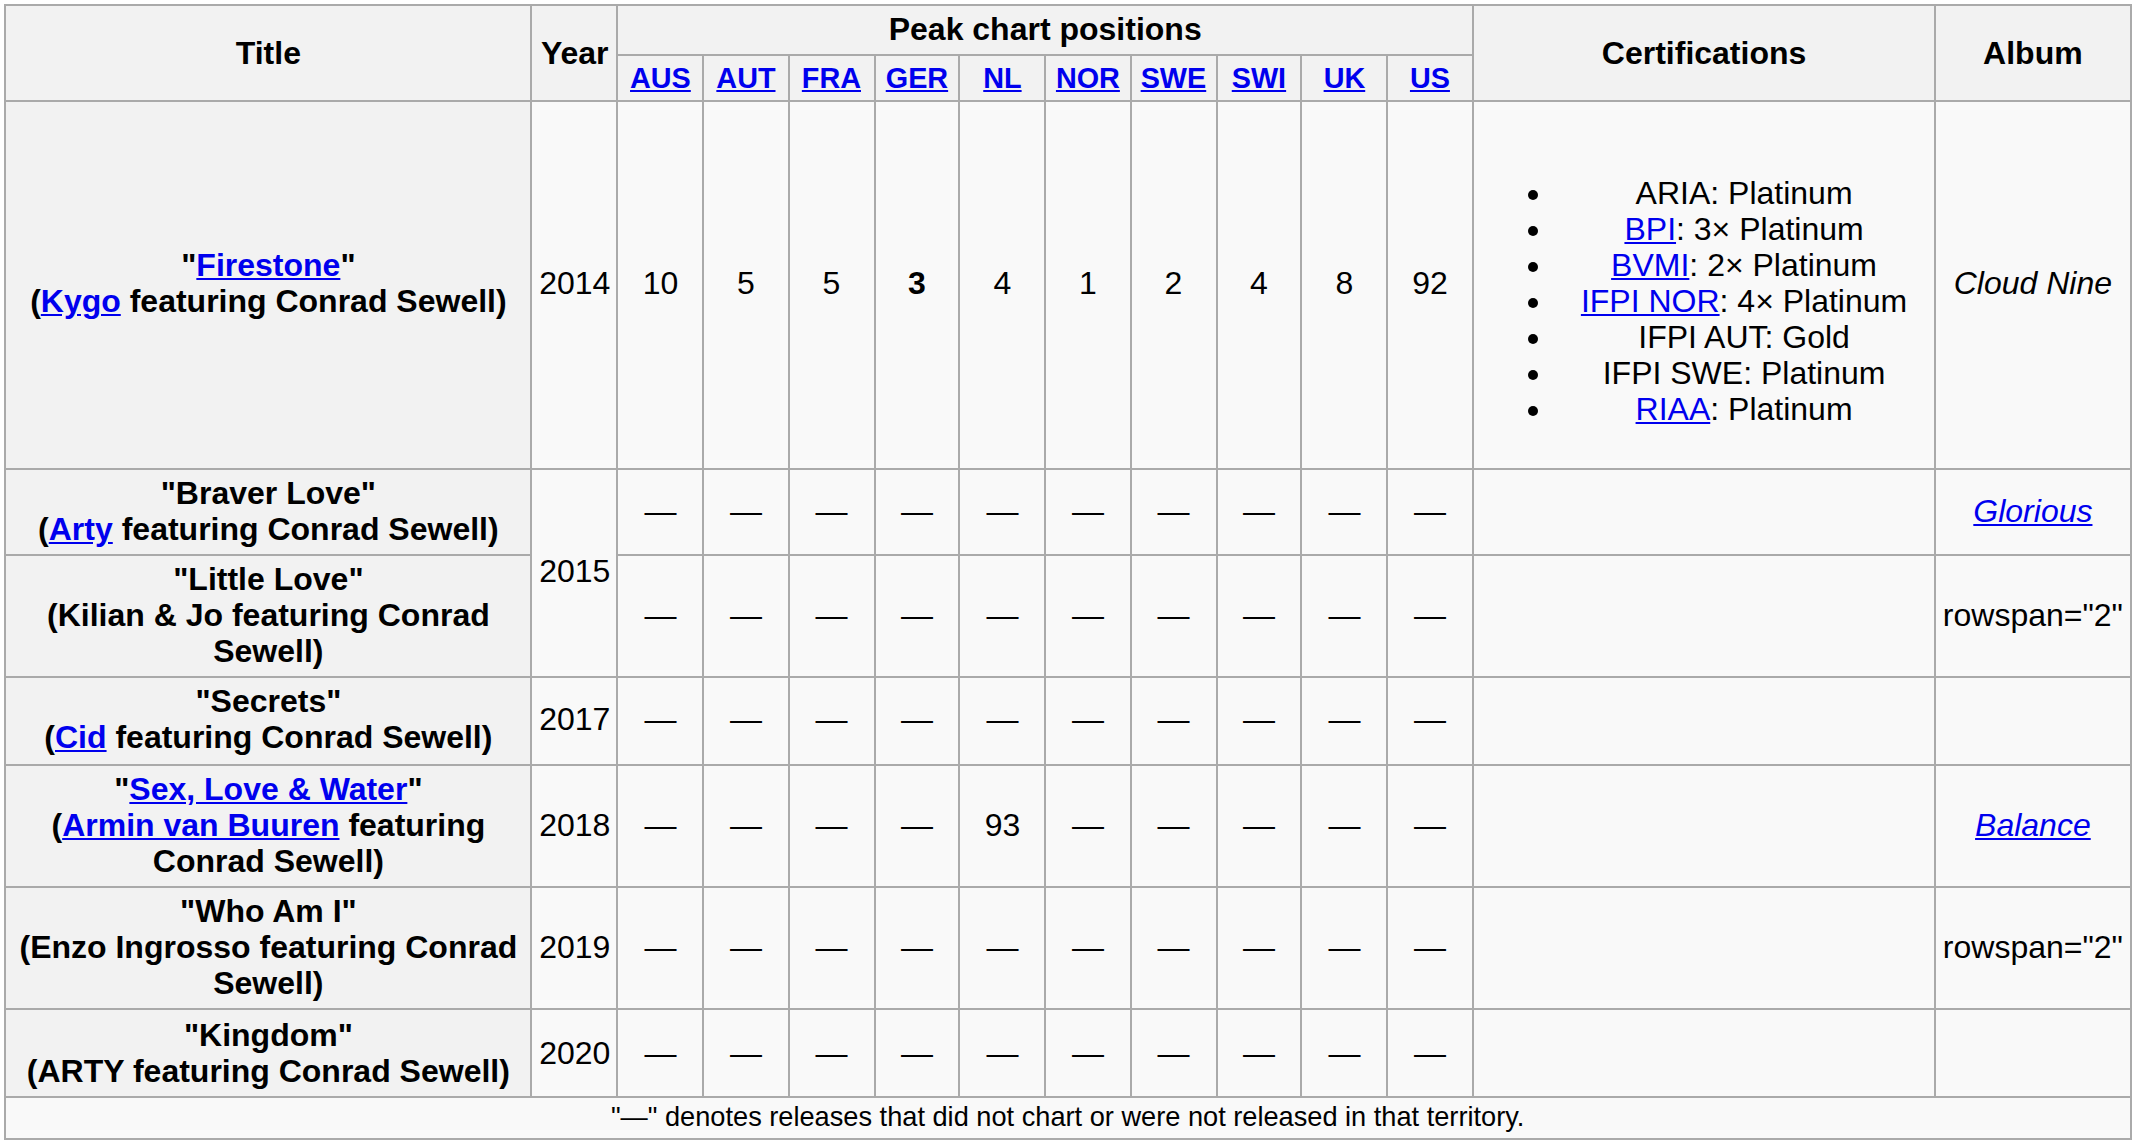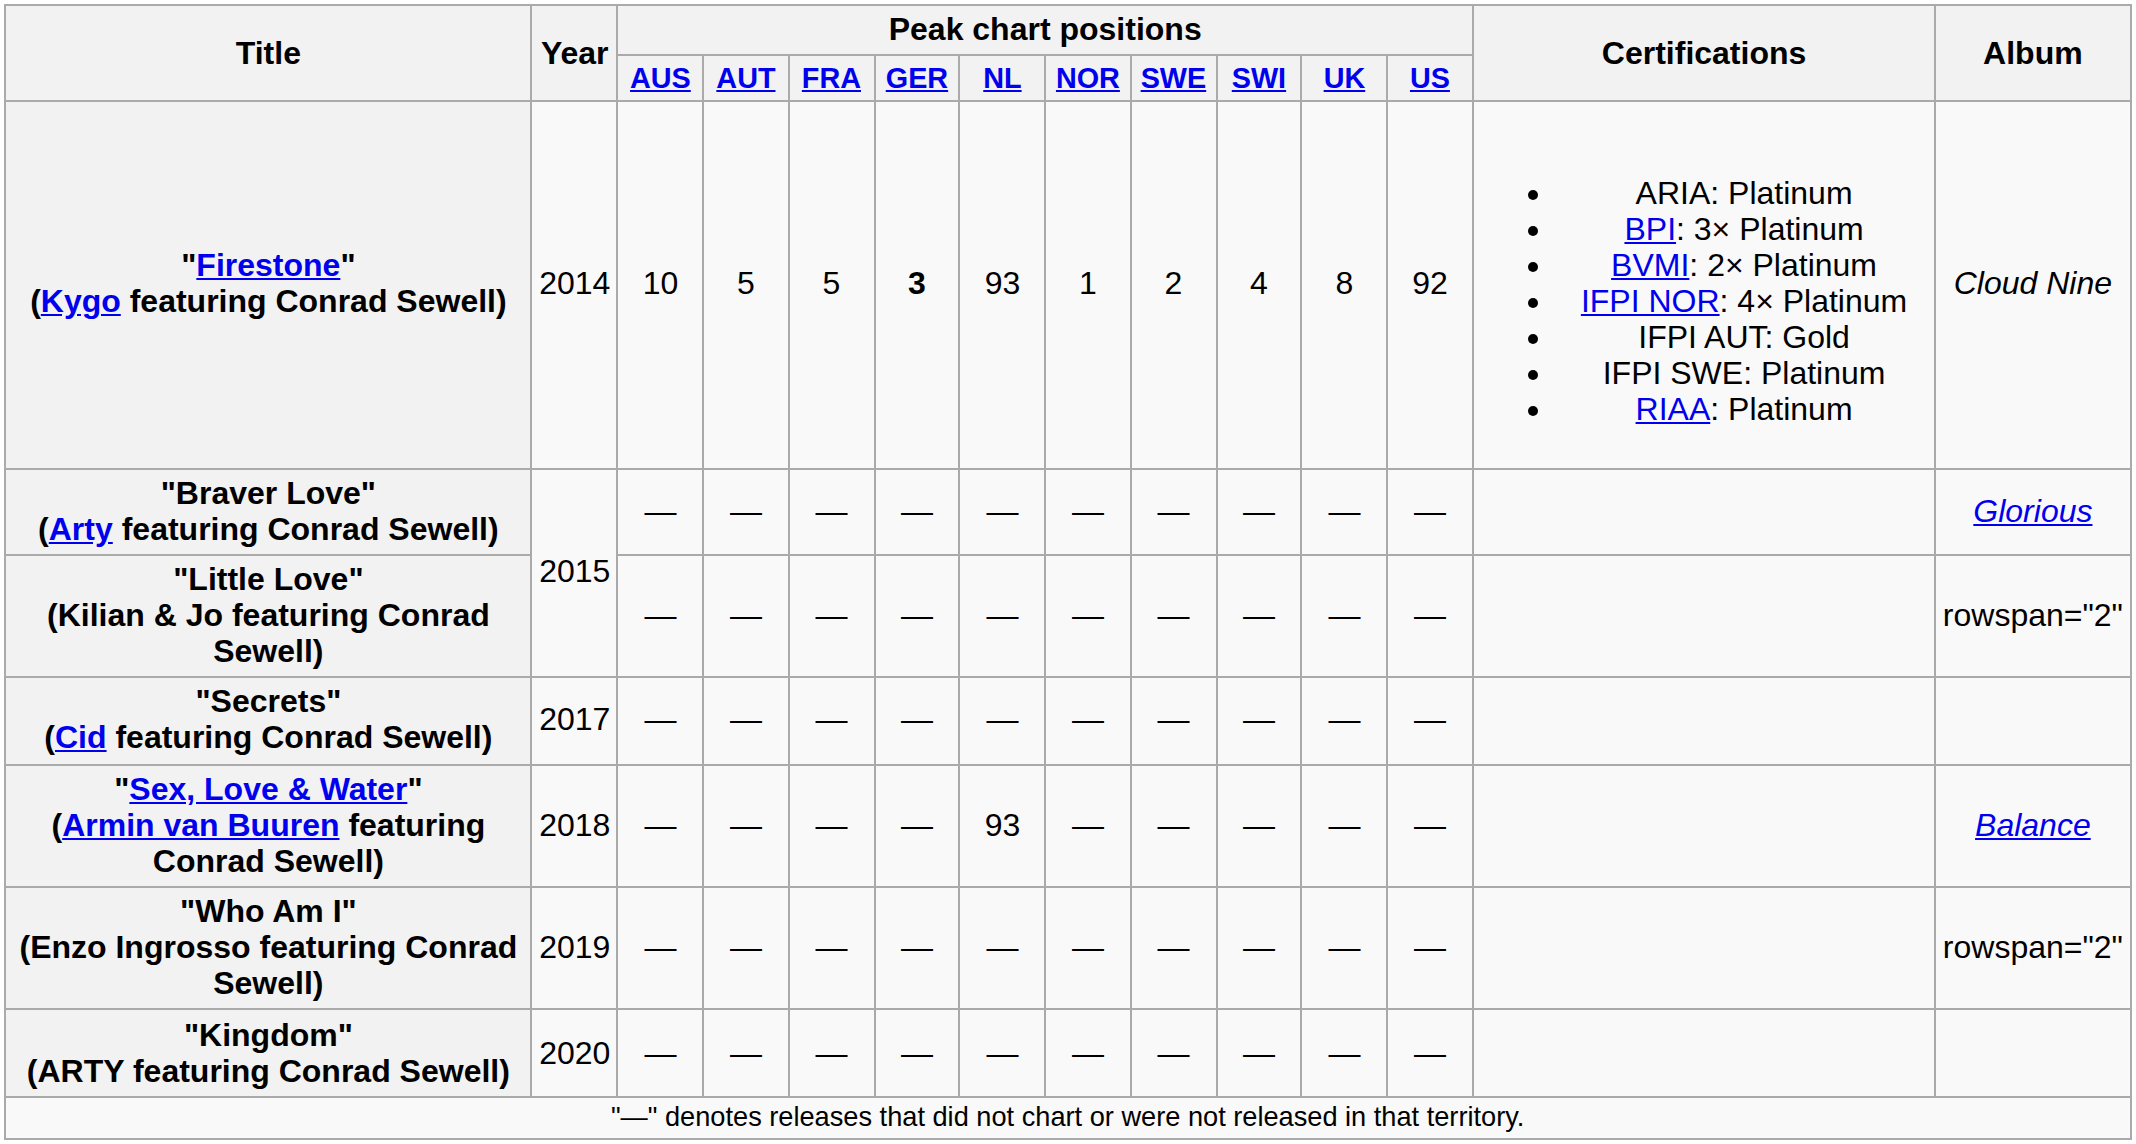 <table class="wikitable plainrowheaders" style="text-align:center;" border="1">
 <tr>
 <th scope="col" rowspan="2" style="width:16em;">Title</th>
 <th scope="col" rowspan="2">Year</th>
 <th scope="col" colspan="10">Peak chart positions</th>
 <th scope="col" rowspan="2" style="width:14em;">Certifications</th>
 <th scope="col" rowspan="2">Album</th>
 </tr>
 <tr>
 <th scope="col" style="width:2.5em;font-size:90%;"><a href='#'>AUS</a><br></th>
 <th scope="col" style="width:2.5em;font-size:90%;"><a href='#'>AUT</a><br></th>
 <th scope="col" style="width:2.5em;font-size:90%;"><a href='#'>FRA</a><br></th>
 <th scope="col" style="width:2.5em;font-size:90%;"><a href='#'>GER</a><br></th>
 <th scope="col" style="width:2.5em;font-size:90%;"><a href='#'>NL</a><br></th>
 <th scope="col" style="width:2.5em;font-size:90%;"><a href='#'>NOR</a><br></th>
 <th scope="col" style="width:2.5em;font-size:90%;"><a href='#'>SWE</a><br></th>
 <th scope="col" style="width:2.5em;font-size:90%;"><a href='#'>SWI</a><br></th>
 <th scope="col" style="width:2.5em;font-size:90%;"><a href='#'>UK</a><br></th>
 <th scope="col" style="width:2.5em;font-size:90%;"><a href='#'>US</a><br></th>
 </tr>
 <tr>
 <th scope="row">"<a href='#'>Firestone</a>"<br><span>(<a href='#'>Kygo</a> featuring Conrad Sewell)</span></th>
 <td>2014</td>
 <td>10</td>
 <td>5</td>
 <td>5</td>
 <td><strong>3</strong></td>
-<td>4</td>
+<td>93</td>
 <td>1</td>
 <td>2</td>
 <td>4</td>
 <td>8</td>
 <td>92</td>
 <td><br><ul><li>ARIA: Platinum</li><li><a href='#'>BPI</a>: 3× Platinum</li><li><a href='#'>BVMI</a>: 2× Platinum</li><li><a href='#'>IFPI NOR</a>: 4× Platinum</li><li>IFPI AUT: Gold</li><li>IFPI SWE: Platinum</li><li><a href='#'>RIAA</a>: Platinum</li></ul></td>
 <td><em>Cloud Nine</em></td>
 </tr>
 <tr>
 <th scope="row">"Braver Love"<br><span>(<a href='#'>Arty</a> featuring Conrad Sewell)</span></th>
 <td rowspan="2">2015</td>
 <td>—</td>
 <td>—</td>
 <td>—</td>
 <td>—</td>
 <td>—</td>
 <td>—</td>
 <td>—</td>
 <td>—</td>
 <td>—</td>
 <td>—</td>
 <td></td>
 <td><em><a href='#'>Glorious</a></em></td>
 </tr>
 <tr>
 <th scope="row">"Little Love"<br><span>(Kilian & Jo featuring Conrad Sewell)</span></th>
 <td>—</td>
 <td>—</td>
 <td>—</td>
 <td>—</td>
 <td>—</td>
 <td>—</td>
 <td>—</td>
 <td>—</td>
 <td>—</td>
 <td>—</td>
 <td></td>
 <td>rowspan="2" </td>
 </tr>
 <tr>
 <th scope="row">"Secrets"<br><span>(<a href='#'>Cid</a> featuring Conrad Sewell)</span></th>
 <td>2017</td>
 <td>—</td>
 <td>—</td>
 <td>—</td>
 <td>—</td>
 <td>—</td>
 <td>—</td>
 <td>—</td>
 <td>—</td>
 <td>—</td>
 <td>—</td>
 <td></td>
 </tr>
 <tr>
 <th scope="row">"<a href='#'>Sex, Love & Water</a>"<br><span>(<a href='#'>Armin van Buuren</a> featuring Conrad Sewell)</span></th>
 <td>2018</td>
 <td>—</td>
 <td>—</td>
 <td>—</td>
 <td>—</td>
 <td>93</td>
 <td>—</td>
 <td>—</td>
 <td>—</td>
 <td>—</td>
 <td>—</td>
 <td></td>
 <td><em><a href='#'>Balance</a></em></td>
 </tr>
 <tr>
 <th scope="row">"Who Am I"<br><span>(Enzo Ingrosso featuring Conrad Sewell)</span></th>
 <td>2019</td>
 <td>—</td>
 <td>—</td>
 <td>—</td>
 <td>—</td>
 <td>—</td>
 <td>—</td>
 <td>—</td>
 <td>—</td>
 <td>—</td>
 <td>—</td>
 <td></td>
 <td>rowspan="2" </td>
 </tr>
 <tr>
 <th scope="row">"Kingdom"<br><span>(ARTY featuring Conrad Sewell)</span></th>
 <td>2020</td>
 <td>—</td>
 <td>—</td>
 <td>—</td>
 <td>—</td>
 <td>—</td>
 <td>—</td>
 <td>—</td>
 <td>—</td>
 <td>—</td>
 <td>—</td>
 <td></td>
 </tr>
 <tr>
 <td align="center" colspan="15" style="font-size:85%">"—" denotes releases that did not chart or were not released in that territory.</td>
 </tr>
 </table>
